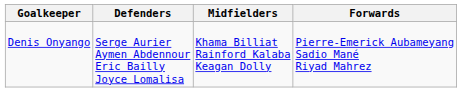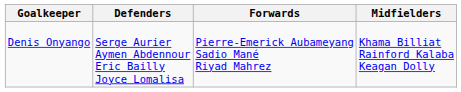 <table class="wikitable" style="margin:0 auto">
 <tr>
 <th>Goalkeeper</th>
 <th>Defenders</th>
+<th>Forwards</th>
 <th>Midfielders</th>
-<th>Forwards</th>
 </tr>
 <tr>
 <td align=left valign=top><br> <a href='#'>Denis Onyango</a></td>
 <td align=left valign=top><br> <a href='#'>Serge Aurier</a><br>  <a href='#'>Aymen Abdennour</a><br>  <a href='#'>Eric Bailly</a><br>  <a href='#'>Joyce Lomalisa</a></td>
+<td align=left valign=top><br> <a href='#'>Pierre-Emerick Aubameyang</a><br>  <a href='#'>Sadio Mané</a><br>  <a href='#'>Riyad Mahrez</a></td>
 <td align=left valign=top><br> <a href='#'>Khama Billiat</a><br>  <a href='#'>Rainford Kalaba</a><br>  <a href='#'>Keagan Dolly</a></td>
-<td align=left valign=top><br> <a href='#'>Pierre-Emerick Aubameyang</a><br>  <a href='#'>Sadio Mané</a><br>  <a href='#'>Riyad Mahrez</a></td>
 </tr>
 </table>
